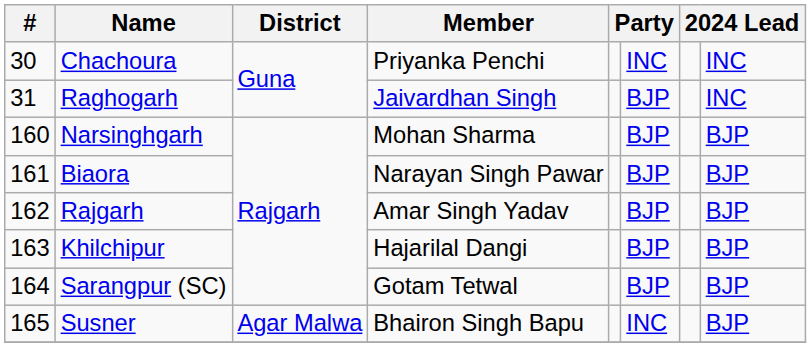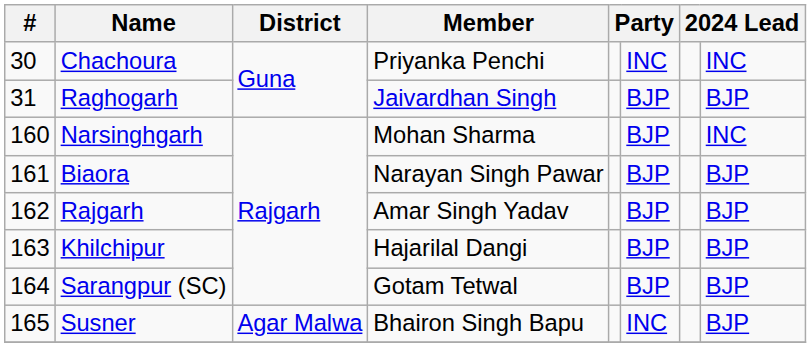 <table class="wikitable">
 <tr>
 <th>#</th>
 <th>Name</th>
 <th>District</th>
 <th>Member</th>
 <th colspan="2">Party</th>
 <th colspan="2">2024 Lead</th>
 </tr>
 <tr>
 <td>30</td>
 <td><a href='#'>Chachoura</a></td>
 <td rowspan="2"><a href='#'>Guna</a></td>
 <td>Priyanka Penchi</td>
 <td style="background-color: "></td>
 <td><a href='#'>INC</a></td>
 <td style="background-color: "></td>
 <td><a href='#'>INC</a></td>
 </tr>
 <tr>
 <td>31</td>
 <td><a href='#'>Raghogarh</a></td>
 <td><a href='#'>Jaivardhan Singh</a></td>
 <td style="background-color: "></td>
 <td><a href='#'>BJP</a></td>
 <td style="background-color: "></td>
-<td><a href='#'>INC</a></td>
+<td><a href='#'>BJP</a></td>
 </tr>
 <tr>
 <td>160</td>
 <td><a href='#'>Narsinghgarh</a></td>
 <td rowspan="5"><a href='#'>Rajgarh</a></td>
 <td>Mohan Sharma</td>
 <td style="background-color: "></td>
 <td><a href='#'>BJP</a></td>
 <td style="background-color: "></td>
-<td><a href='#'>BJP</a></td>
+<td><a href='#'>INC</a></td>
 </tr>
 <tr>
 <td>161</td>
 <td><a href='#'>Biaora</a></td>
 <td>Narayan Singh Pawar</td>
 <td style="background-color: "></td>
 <td><a href='#'>BJP</a></td>
 <td style="background-color: "></td>
 <td><a href='#'>BJP</a></td>
 </tr>
 <tr>
 <td>162</td>
 <td><a href='#'>Rajgarh</a></td>
 <td>Amar Singh Yadav</td>
 <td style="background-color: "></td>
 <td><a href='#'>BJP</a></td>
 <td style="background-color: "></td>
 <td><a href='#'>BJP</a></td>
 </tr>
 <tr>
 <td>163</td>
 <td><a href='#'>Khilchipur</a></td>
 <td>Hajarilal Dangi</td>
 <td style="background-color: "></td>
 <td><a href='#'>BJP</a></td>
 <td style="background-color: "></td>
 <td><a href='#'>BJP</a></td>
 </tr>
 <tr>
 <td>164</td>
 <td><a href='#'>Sarangpur</a> (SC)</td>
 <td>Gotam Tetwal</td>
 <td style="background-color: "></td>
 <td><a href='#'>BJP</a></td>
 <td style="background-color: "></td>
 <td><a href='#'>BJP</a></td>
 </tr>
 <tr>
 <td>165</td>
 <td><a href='#'>Susner</a></td>
 <td><a href='#'>Agar Malwa</a></td>
 <td>Bhairon Singh Bapu</td>
 <td style="background-color: "></td>
 <td><a href='#'>INC</a></td>
 <td style="background-color: "></td>
 <td><a href='#'>BJP</a></td>
 </tr>
 <tr>
 </tr>
 </table>
